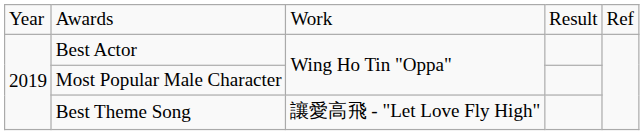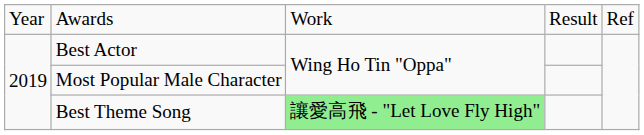 <table class="wikitable">
 <tr>
 <td>Year</td>
 <td>Awards</td>
 <td>Work</td>
 <td>Result</td>
 <td>Ref</td>
 </tr>
 <tr>
 <td rowspan="3">2019</td>
 <td>Best Actor</td>
 <td rowspan="2">Wing Ho Tin "Oppa"</td>
 <td></td>
 <td rowspan="3"></td>
 </tr>
 <tr>
 <td>Most Popular Male Character</td>
 <td></td>
 </tr>
 <tr>
 <td>Best Theme Song</td>
-<td>讓愛高飛 - "Let Love Fly High"</td>
+<td style="background: lightgreen;">讓愛高飛 - "Let Love Fly High"</td>
 <td></td>
 </tr>
 </table>
